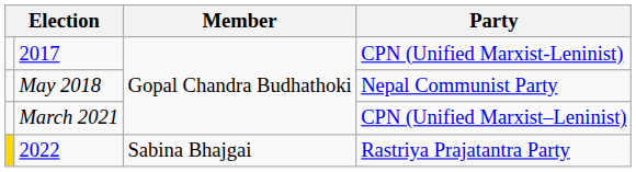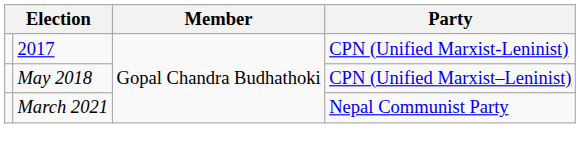 <table class="wikitable">
 <tr>
 <th colspan="2">Election</th>
 <th>Member</th>
 <th>Party</th>
 </tr>
 <tr>
 <td style="background-color:"></td>
 <td><a href='#'>2017</a></td>
 <td rowspan="3">Gopal Chandra Budhathoki</td>
 <td><a href='#'>CPN (Unified Marxist-Leninist)</a></td>
 </tr>
 <tr>
 <td style="background-color:"></td>
 <td><em>May 2018</em></td>
-<td><a href='#'>Nepal Communist Party</a></td>
+<td><a href='#'>CPN (Unified Marxist–Leninist)</a></td>
 </tr>
 <tr>
 <td style="background-color:"></td>
 <td><em>March 2021</em></td>
-<td><a href='#'>CPN (Unified Marxist–Leninist)</a></td>
-</tr>
-<tr>
-<td style="background-color:gold"></td>
-<td><a href='#'>2022</a></td>
-<td>Sabina Bhajgai</td>
-<td><a href='#'>Rastriya Prajatantra Party</a></td>
+<td><a href='#'>Nepal Communist Party</a></td>
 </tr>
 </table>
